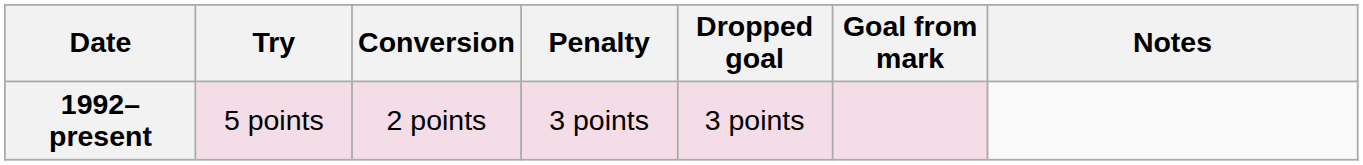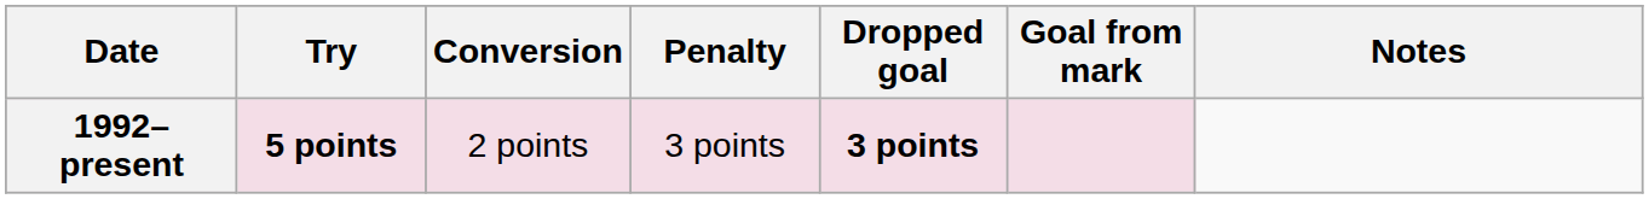 <table class="wikitable">
 <tr>
 <th scope="col" width="100px">Date</th>
 <th scope="col" width="80px">Try</th>
 <th scope="col" width="80px">Conversion</th>
 <th scope="col" width="80px">Penalty</th>
 <th scope="col" width="80px">Dropped goal</th>
 <th scope="col" width="80px">Goal from mark</th>
 <th scope="col" width="200px">Notes<br></th>
 </tr>
 <tr style="text-align:center;  background:#F4DDE7;">
 <th>1992–present</th>
-<td>5 points</td>
+<td><strong>5 points</strong></td>
 <td>2 points</td>
 <td>3 points</td>
-<td>3 points</td>
+<td><strong>3 points</strong></td>
 <td></td>
 </tr>
 </table>
